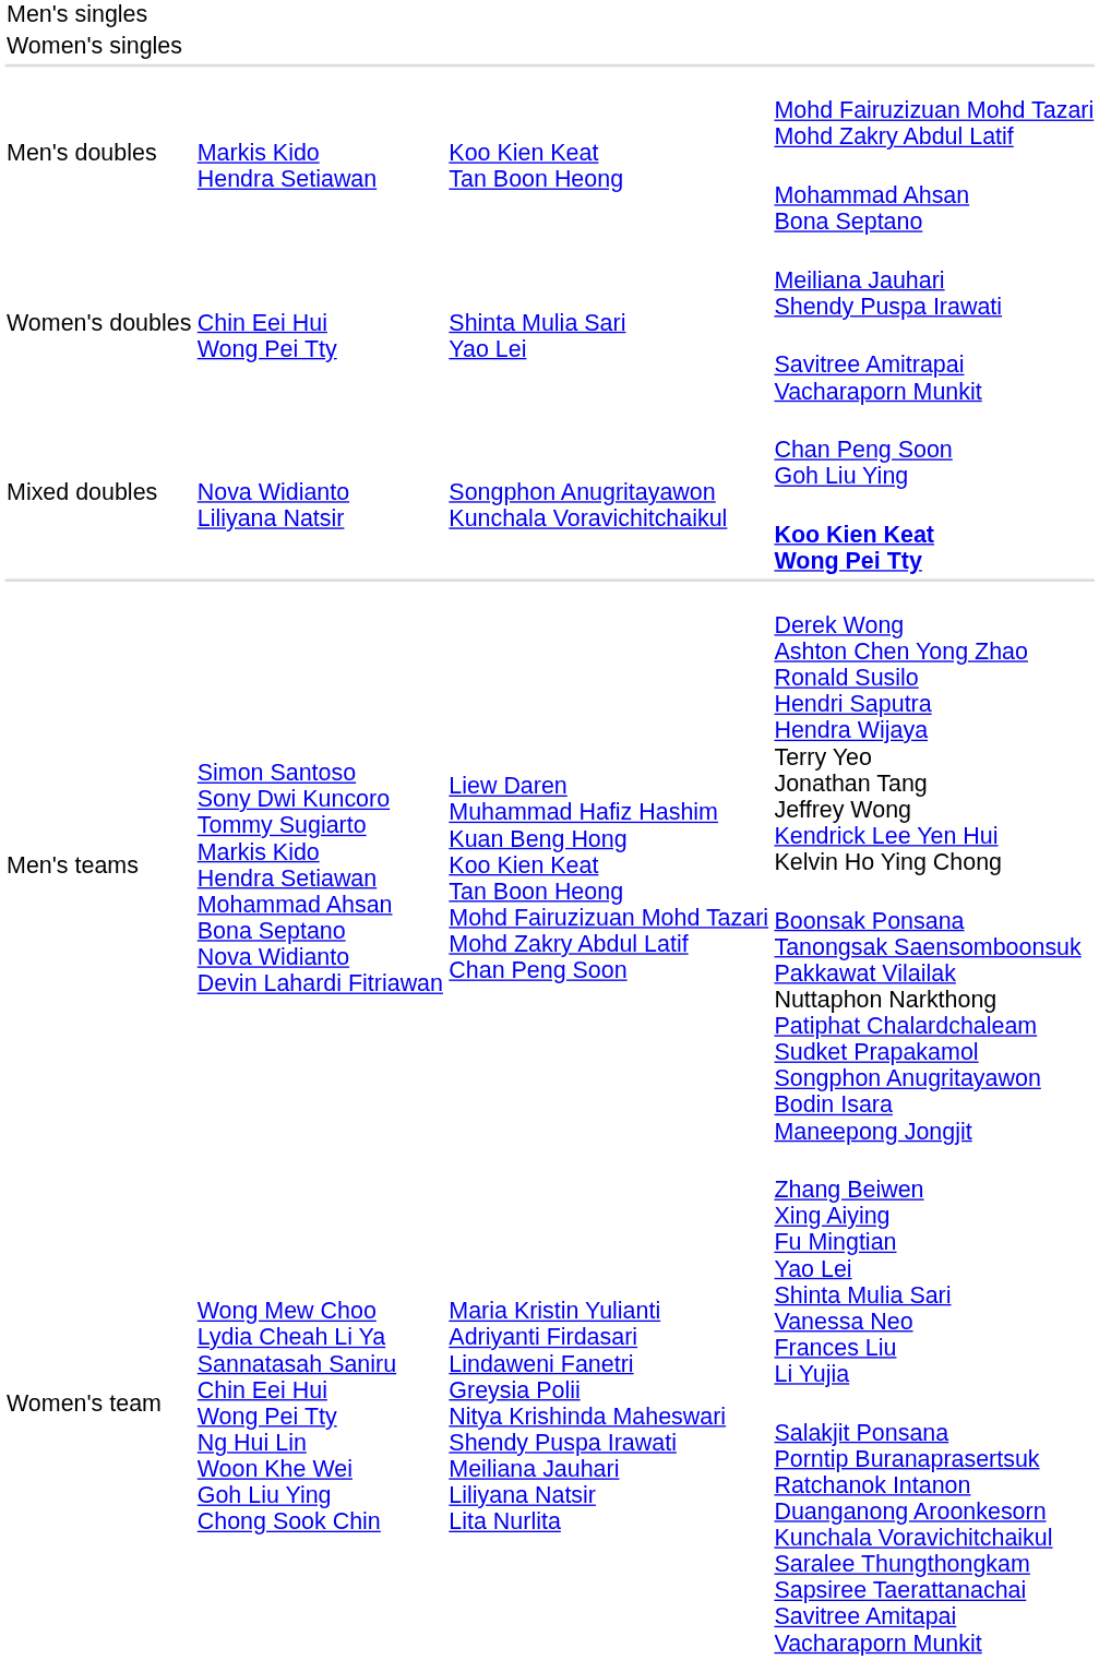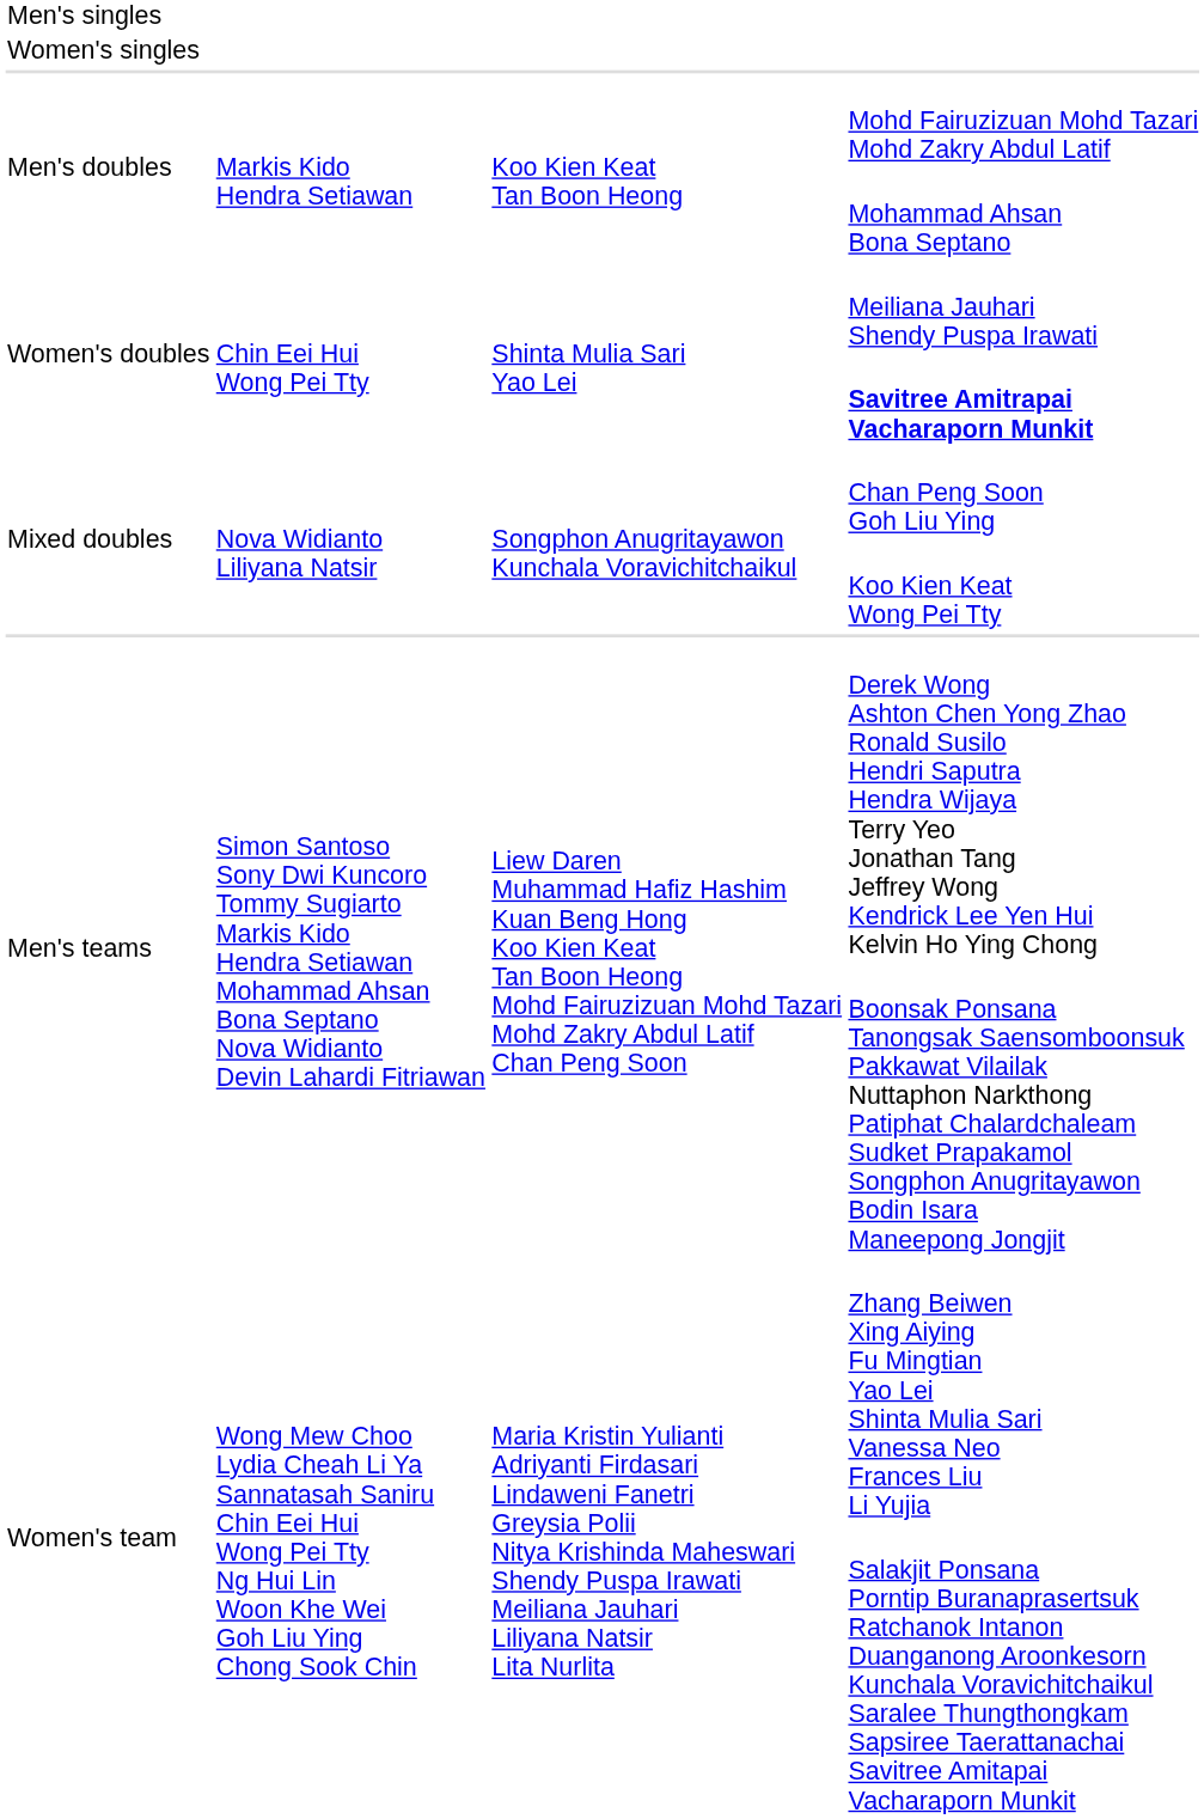 <table>
 <tr>
 <td rowspan=2>Men's singles</td>
 <td rowspan=2></td>
 <td rowspan=2></td>
 <td></td>
 </tr>
 <tr>
 <td></td>
 </tr>
 <tr>
 <td rowspan=2>Women's singles</td>
 <td rowspan=2></td>
 <td rowspan=2></td>
 <td></td>
 </tr>
 <tr>
 <td></td>
 </tr>
 <tr bgcolor=#dddddd>
 <td colspan=4></td>
 </tr>
 <tr>
 <td rowspan=2>Men's doubles</td>
 <td rowspan=2><br> <a href='#'>Markis Kido</a><br><a href='#'>Hendra Setiawan</a></td>
 <td rowspan=2><br> <a href='#'>Koo Kien Keat</a><br> <a href='#'>Tan Boon Heong</a></td>
 <td><br> <a href='#'>Mohd Fairuzizuan Mohd Tazari</a><br><a href='#'>Mohd Zakry Abdul Latif</a></td>
 </tr>
 <tr>
 <td><br> <a href='#'>Mohammad Ahsan</a><br> <a href='#'>Bona Septano</a></td>
 </tr>
 <tr>
 <td rowspan=2>Women's doubles</td>
 <td rowspan=2><br> <a href='#'>Chin Eei Hui</a><br><a href='#'>Wong Pei Tty</a></td>
 <td rowspan=2><br> <a href='#'>Shinta Mulia Sari</a><br> <a href='#'>Yao Lei</a></td>
 <td><br> <a href='#'>Meiliana Jauhari</a><br> <a href='#'>Shendy Puspa Irawati</a></td>
 </tr>
 <tr>
-<td><br> <a href='#'>Savitree Amitrapai</a><br> <a href='#'>Vacharaporn Munkit</a></td>
+<td><strong><br> <a href='#'>Savitree Amitrapai</a><br> <a href='#'>Vacharaporn Munkit</a></strong></td>
 </tr>
 <tr>
 <td rowspan=2>Mixed doubles</td>
 <td rowspan=2><br> <a href='#'>Nova Widianto</a><br> <a href='#'>Liliyana Natsir</a></td>
 <td rowspan=2><br> <a href='#'>Songphon Anugritayawon</a><br><a href='#'>Kunchala Voravichitchaikul</a></td>
 <td><br> <a href='#'>Chan Peng Soon</a><br><a href='#'>Goh Liu Ying</a></td>
 </tr>
 <tr>
-<td><strong><br> <a href='#'>Koo Kien Keat</a><br> <a href='#'>Wong Pei Tty</a></strong></td>
+<td><br> <a href='#'>Koo Kien Keat</a><br> <a href='#'>Wong Pei Tty</a></td>
 </tr>
 <tr bgcolor=#dddddd>
 <td colspan=4></td>
 </tr>
 <tr>
 <td rowspan=2>Men's teams</td>
 <td rowspan=2><br><a href='#'>Simon Santoso</a><br><a href='#'>Sony Dwi Kuncoro</a><br><a href='#'>Tommy Sugiarto</a><br><a href='#'>Markis Kido</a><br><a href='#'>Hendra Setiawan</a><br><a href='#'>Mohammad Ahsan</a><br><a href='#'>Bona Septano</a><br><a href='#'>Nova Widianto</a><br><a href='#'>Devin Lahardi Fitriawan</a></td>
 <td rowspan=2><br><a href='#'>Liew Daren</a><br><a href='#'>Muhammad Hafiz Hashim</a><br><a href='#'>Kuan Beng Hong</a><br><a href='#'>Koo Kien Keat</a><br><a href='#'>Tan Boon Heong</a><br><a href='#'>Mohd Fairuzizuan Mohd Tazari</a><br><a href='#'>Mohd Zakry Abdul Latif</a><br><a href='#'>Chan Peng Soon</a></td>
 <td><br><a href='#'>Derek Wong</a><br><a href='#'>Ashton Chen Yong Zhao</a><br><a href='#'>Ronald Susilo</a><br><a href='#'>Hendri Saputra</a><br><a href='#'>Hendra Wijaya</a><br>Terry Yeo<br>Jonathan Tang<br>Jeffrey Wong<br><a href='#'>Kendrick Lee Yen Hui</a><br>Kelvin Ho Ying Chong</td>
 </tr>
 <tr>
 <td><br><a href='#'>Boonsak Ponsana</a><br><a href='#'>Tanongsak Saensomboonsuk</a><br><a href='#'>Pakkawat Vilailak</a><br>Nuttaphon Narkthong<br><a href='#'>Patiphat Chalardchaleam</a><br><a href='#'>Sudket Prapakamol</a><br><a href='#'>Songphon Anugritayawon</a><br><a href='#'>Bodin Isara</a><br><a href='#'>Maneepong Jongjit</a></td>
 </tr>
 <tr>
 <td rowspan=2>Women's team</td>
 <td rowspan=2><br><a href='#'>Wong Mew Choo</a><br><a href='#'>Lydia Cheah Li Ya</a><br><a href='#'>Sannatasah Saniru</a><br><a href='#'>Chin Eei Hui</a><br><a href='#'>Wong Pei Tty</a><br><a href='#'>Ng Hui Lin</a><br><a href='#'>Woon Khe Wei</a><br><a href='#'>Goh Liu Ying</a><br><a href='#'>Chong Sook Chin</a></td>
 <td rowspan=2><br><a href='#'>Maria Kristin Yulianti</a><br><a href='#'>Adriyanti Firdasari</a><br><a href='#'>Lindaweni Fanetri</a><br><a href='#'>Greysia Polii</a><br><a href='#'>Nitya Krishinda Maheswari</a><br><a href='#'>Shendy Puspa Irawati</a><br><a href='#'>Meiliana Jauhari</a><br><a href='#'>Liliyana Natsir</a><br><a href='#'>Lita Nurlita</a></td>
 <td><br><a href='#'>Zhang Beiwen</a><br><a href='#'>Xing Aiying</a><br><a href='#'>Fu Mingtian</a><br><a href='#'>Yao Lei</a><br><a href='#'>Shinta Mulia Sari</a><br><a href='#'>Vanessa Neo</a><br><a href='#'>Frances Liu</a><br><a href='#'>Li Yujia</a></td>
 </tr>
 <tr>
 <td><br><a href='#'>Salakjit Ponsana</a><br><a href='#'>Porntip Buranaprasertsuk</a><br><a href='#'>Ratchanok Intanon</a><br><a href='#'>Duanganong Aroonkesorn</a><br><a href='#'>Kunchala Voravichitchaikul</a><br><a href='#'>Saralee Thungthongkam</a><br><a href='#'>Sapsiree Taerattanachai</a><br><a href='#'>Savitree Amitapai</a><br><a href='#'>Vacharaporn Munkit</a></td>
 </tr>
 </table>
